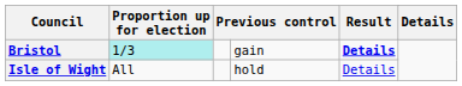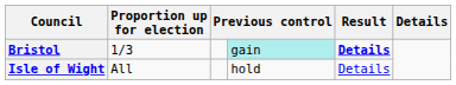 <table class="wikitable" border="1">
 <tr>
 <th scope="col">Council</th>
 <th scope="col">Proportion up<br>for election</th>
 <th colspan=2>Previous control</th>
 <th colspan=2>Result</th>
 <th scope="col">Details</th>
 </tr>
 <tr>
 <th scope="row" style="text-align: left;"><a href='#'>Bristol</a></th>
-<td style="background: paleturquoise;">1/3</td>
+<td>1/3</td>
 <td></td>
-<td> gain</td>
+<td style="background: paleturquoise;"> gain</td>
 <td><strong><a href='#'>Details</a></strong></td>
 </tr>
 <tr>
 <th scope="row" style="text-align: left;"><a href='#'>Isle of Wight</a></th>
 <td>All</td>
 <td></td>
 <td> hold</td>
 <td><a href='#'>Details</a></td>
 </tr>
 </table>
